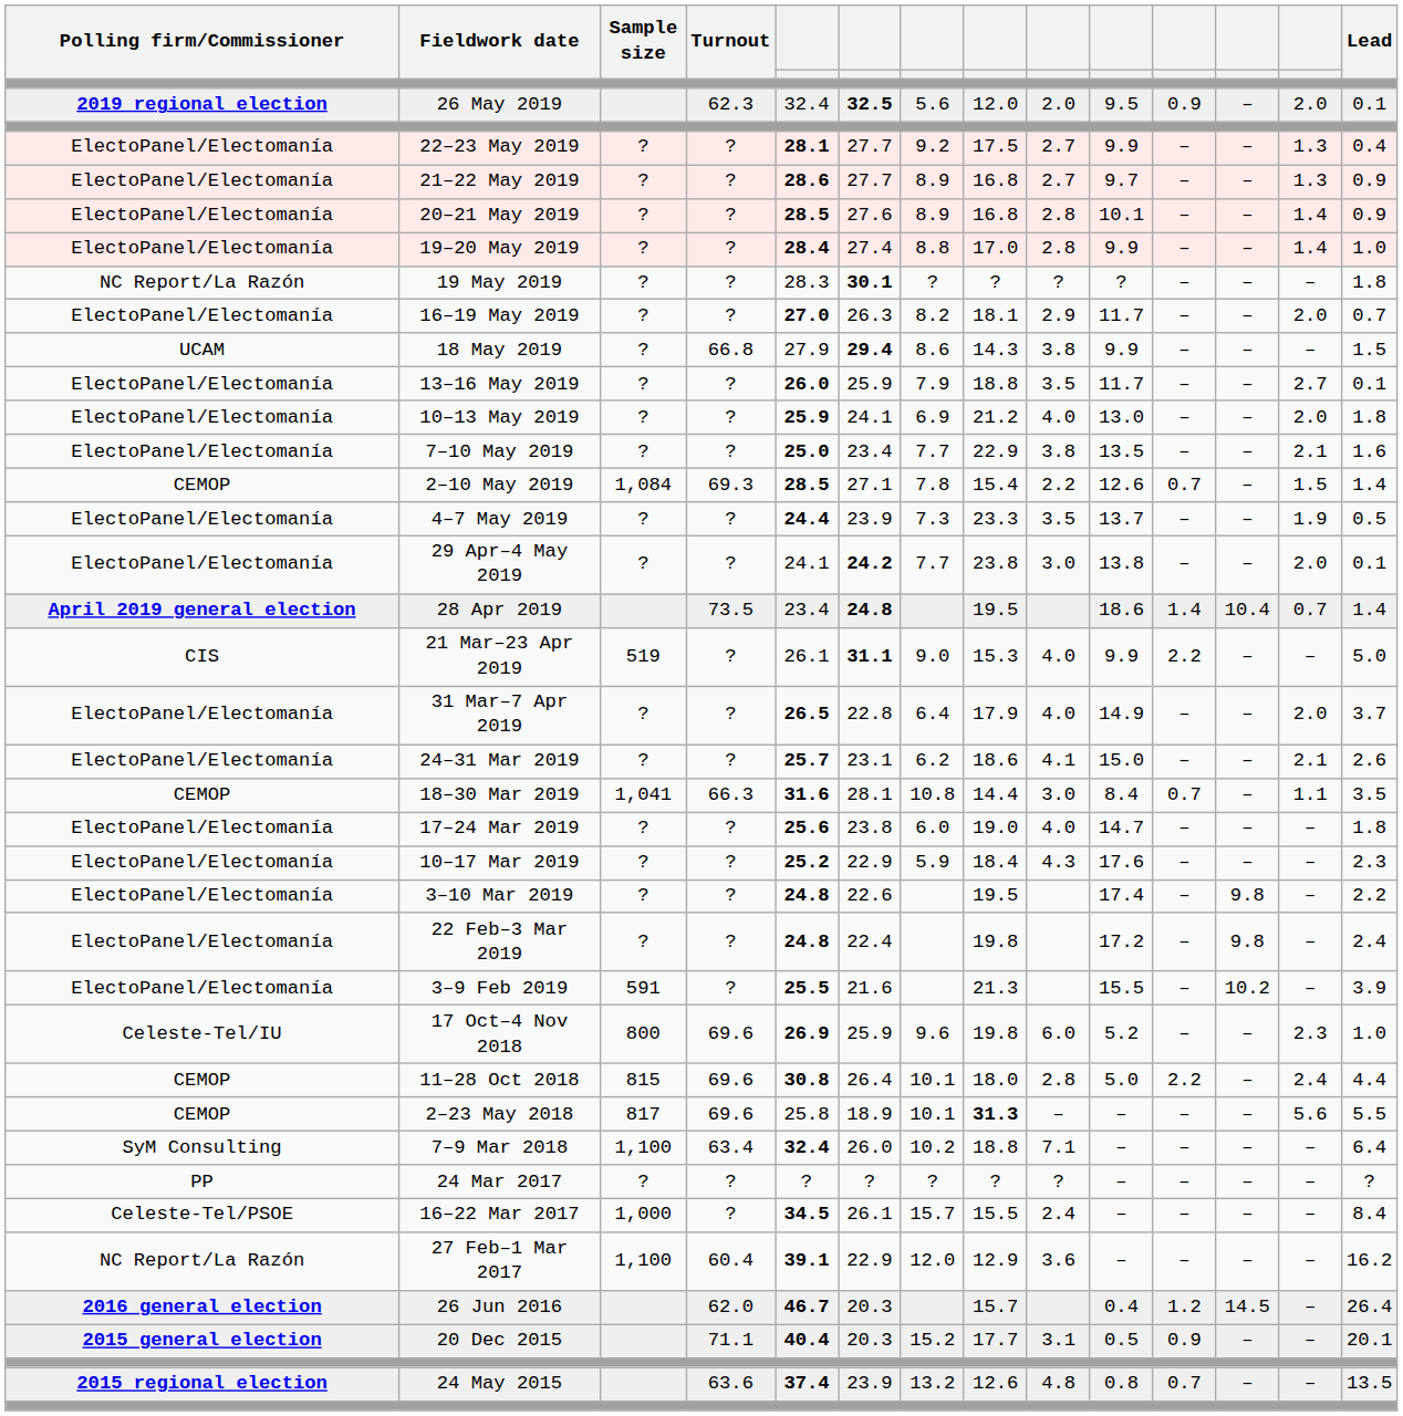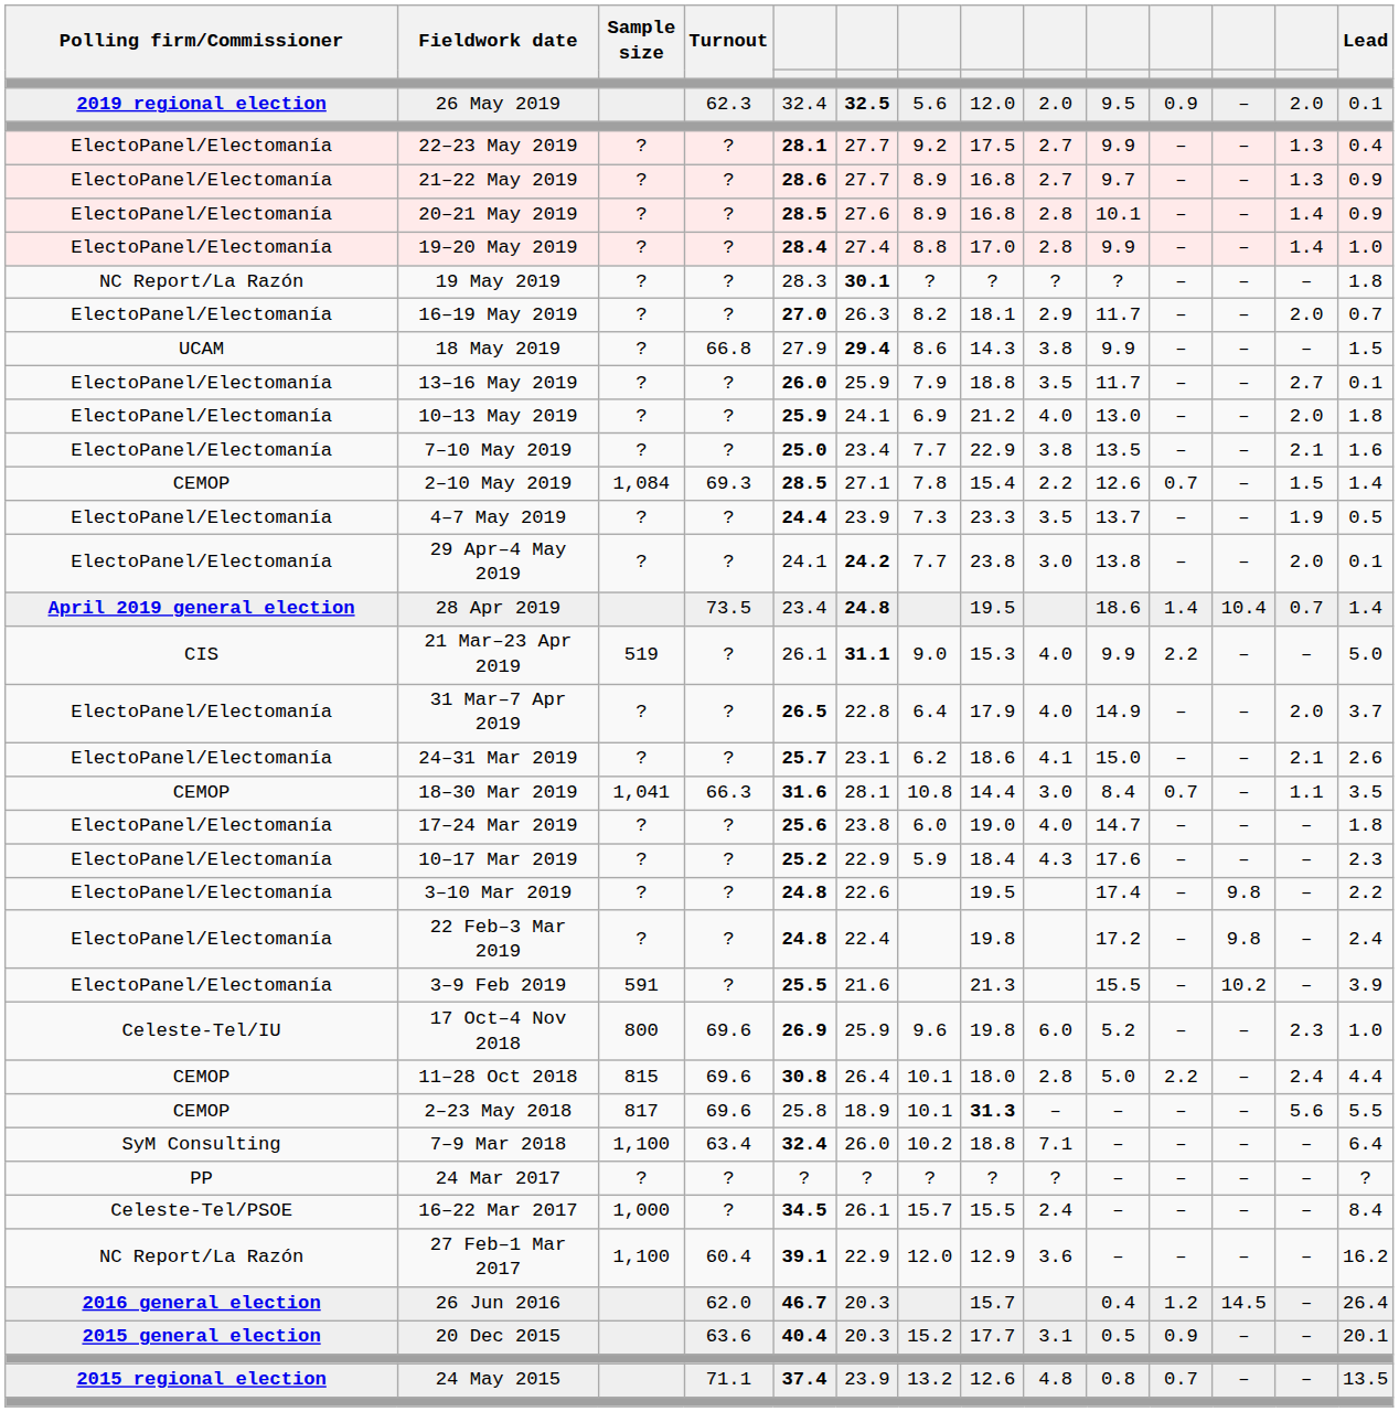 <table class="wikitable collapsible collapsed" style="text-align:center; font-size:95%; line-height:16px;">
 <tr style="height:42px;">
 <th style="width:250px;" rowspan="2">Polling firm/Commissioner</th>
 <th style="width:125px;" rowspan="2">Fieldwork date</th>
 <th style="width:50px;" rowspan="2">Sample size</th>
 <th style="width:45px;" rowspan="2">Turnout</th>
 <th style="width:35px;"></th>
 <th style="width:35px;"></th>
 <th style="width:35px;"></th>
 <th style="width:35px;"></th>
 <th style="width:35px;"></th>
 <th style="width:35px;"></th>
 <th style="width:35px;"></th>
 <th style="width:35px;"></th>
 <th style="width:35px;"></th>
 <th style="width:30px;" rowspan="2">Lead</th>
 </tr>
 <tr>
 <th style="color:inherit;background:"></th>
 <th style="color:inherit;background:"></th>
 <th style="color:inherit;background:"></th>
 <th style="color:inherit;background:"></th>
 <th style="color:inherit;background:"></th>
 <th style="color:inherit;background:"></th>
 <th style="color:inherit;background:"></th>
 <th style="color:inherit;background:"></th>
 <th style="color:inherit;background:"></th>
 </tr>
 <tr>
 <td colspan="14" style="background:#A0A0A0"></td>
 </tr>
 <tr style="background:#EFEFEF;">
 <td><strong><a href='#'>2019 regional election</a></strong></td>
 <td>26 May 2019</td>
 <td></td>
 <td>62.3</td>
 <td>32.4<br></td>
 <td><strong>32.5</strong><br></td>
 <td>5.6<br></td>
 <td>12.0<br></td>
 <td>2.0<br></td>
 <td>9.5<br></td>
 <td>0.9<br></td>
 <td>–</td>
 <td>2.0<br></td>
 <td style="background:">0.1</td>
 </tr>
 <tr>
 <td colspan="14" style="background:#A0A0A0"></td>
 </tr>
 <tr style="background:#FFEAEA;">
 <td>ElectoPanel/Electomanía</td>
 <td>22–23 May 2019</td>
 <td>?</td>
 <td>?</td>
 <td><strong>28.1</strong><br></td>
 <td>27.7<br></td>
 <td>9.2<br></td>
 <td>17.5<br></td>
 <td>2.7<br></td>
 <td>9.9<br></td>
 <td>–</td>
 <td>–</td>
 <td>1.3<br></td>
 <td style="background:">0.4</td>
 </tr>
 <tr style="background:#FFEAEA;">
 <td>ElectoPanel/Electomanía</td>
 <td>21–22 May 2019</td>
 <td>?</td>
 <td>?</td>
 <td><strong>28.6</strong><br></td>
 <td>27.7<br></td>
 <td>8.9<br></td>
 <td>16.8<br></td>
 <td>2.7<br></td>
 <td>9.7<br></td>
 <td>–</td>
 <td>–</td>
 <td>1.3<br></td>
 <td style="background:">0.9</td>
 </tr>
 <tr style="background:#FFEAEA;">
 <td>ElectoPanel/Electomanía</td>
 <td>20–21 May 2019</td>
 <td>?</td>
 <td>?</td>
 <td><strong>28.5</strong><br></td>
 <td>27.6<br></td>
 <td>8.9<br></td>
 <td>16.8<br></td>
 <td>2.8<br></td>
 <td>10.1<br></td>
 <td>–</td>
 <td>–</td>
 <td>1.4<br></td>
 <td style="background:">0.9</td>
 </tr>
 <tr style="background:#FFEAEA;">
 <td>ElectoPanel/Electomanía</td>
 <td>19–20 May 2019</td>
 <td>?</td>
 <td>?</td>
 <td><strong>28.4</strong><br></td>
 <td>27.4<br></td>
 <td>8.8<br></td>
 <td>17.0<br></td>
 <td>2.8<br></td>
 <td>9.9<br></td>
 <td>–</td>
 <td>–</td>
 <td>1.4<br></td>
 <td style="background:">1.0</td>
 </tr>
 <tr>
 <td>NC Report/La Razón</td>
 <td>19 May 2019</td>
 <td>?</td>
 <td>?</td>
 <td>28.3<br></td>
 <td><strong>30.1</strong><br></td>
 <td>?<br></td>
 <td>?<br></td>
 <td>?<br></td>
 <td>?<br></td>
 <td>–</td>
 <td>–</td>
 <td>–</td>
 <td style="background:">1.8</td>
 </tr>
 <tr>
 <td>ElectoPanel/Electomanía</td>
 <td>16–19 May 2019</td>
 <td>?</td>
 <td>?</td>
 <td><strong>27.0</strong><br></td>
 <td>26.3<br></td>
 <td>8.2<br></td>
 <td>18.1<br></td>
 <td>2.9<br></td>
 <td>11.7<br></td>
 <td>–</td>
 <td>–</td>
 <td>2.0<br></td>
 <td style="background:">0.7</td>
 </tr>
 <tr>
 <td>UCAM</td>
 <td>18 May 2019</td>
 <td>?</td>
 <td>66.8</td>
 <td>27.9<br></td>
 <td><strong>29.4</strong><br></td>
 <td>8.6<br></td>
 <td>14.3<br></td>
 <td>3.8<br></td>
 <td>9.9<br></td>
 <td>–</td>
 <td>–</td>
 <td>–</td>
 <td style="background:">1.5</td>
 </tr>
 <tr>
 <td>ElectoPanel/Electomanía</td>
 <td>13–16 May 2019</td>
 <td>?</td>
 <td>?</td>
 <td><strong>26.0</strong><br></td>
 <td>25.9<br></td>
 <td>7.9<br></td>
 <td>18.8<br></td>
 <td>3.5<br></td>
 <td>11.7<br></td>
 <td>–</td>
 <td>–</td>
 <td>2.7<br></td>
 <td style="background:">0.1</td>
 </tr>
 <tr>
 <td>ElectoPanel/Electomanía</td>
 <td>10–13 May 2019</td>
 <td>?</td>
 <td>?</td>
 <td><strong>25.9</strong><br></td>
 <td>24.1<br></td>
 <td>6.9<br></td>
 <td>21.2<br></td>
 <td>4.0<br></td>
 <td>13.0<br></td>
 <td>–</td>
 <td>–</td>
 <td>2.0<br></td>
 <td style="background:">1.8</td>
 </tr>
 <tr>
 <td>ElectoPanel/Electomanía</td>
 <td>7–10 May 2019</td>
 <td>?</td>
 <td>?</td>
 <td><strong>25.0</strong><br></td>
 <td>23.4<br></td>
 <td>7.7<br></td>
 <td>22.9<br></td>
 <td>3.8<br></td>
 <td>13.5<br></td>
 <td>–</td>
 <td>–</td>
 <td>2.1<br></td>
 <td style="background:">1.6</td>
 </tr>
 <tr>
 <td>CEMOP</td>
 <td>2–10 May 2019</td>
 <td>1,084</td>
 <td>69.3</td>
 <td><strong>28.5</strong><br></td>
 <td>27.1<br></td>
 <td>7.8<br></td>
 <td>15.4<br></td>
 <td>2.2<br></td>
 <td>12.6<br></td>
 <td>0.7<br></td>
 <td>–</td>
 <td>1.5<br></td>
 <td style="background:">1.4</td>
 </tr>
 <tr>
 <td>ElectoPanel/Electomanía</td>
 <td>4–7 May 2019</td>
 <td>?</td>
 <td>?</td>
 <td><strong>24.4</strong><br></td>
 <td>23.9<br></td>
 <td>7.3<br></td>
 <td>23.3<br></td>
 <td>3.5<br></td>
 <td>13.7<br></td>
 <td>–</td>
 <td>–</td>
 <td>1.9<br></td>
 <td style="background:">0.5</td>
 </tr>
 <tr>
 <td>ElectoPanel/Electomanía</td>
 <td>29 Apr–4 May 2019</td>
 <td>?</td>
 <td>?</td>
 <td>24.1<br></td>
 <td><strong>24.2</strong><br></td>
 <td>7.7<br></td>
 <td>23.8<br></td>
 <td>3.0<br></td>
 <td>13.8<br></td>
 <td>–</td>
 <td>–</td>
 <td>2.0<br></td>
 <td style="background:">0.1</td>
 </tr>
 <tr style="background:#EFEFEF;">
 <td><strong><a href='#'>April 2019 general election</a></strong></td>
 <td>28 Apr 2019</td>
 <td></td>
 <td>73.5</td>
 <td>23.4<br></td>
 <td><strong>24.8</strong><br></td>
 <td></td>
 <td>19.5<br></td>
 <td></td>
 <td>18.6<br></td>
 <td>1.4<br></td>
 <td>10.4<br></td>
 <td>0.7<br></td>
 <td style="background:">1.4</td>
 </tr>
 <tr>
 <td>CIS</td>
 <td>21 Mar–23 Apr 2019</td>
 <td>519</td>
 <td>?</td>
 <td>26.1<br></td>
 <td><strong>31.1</strong><br></td>
 <td>9.0<br></td>
 <td>15.3<br></td>
 <td>4.0<br></td>
 <td>9.9<br></td>
 <td>2.2<br></td>
 <td>–</td>
 <td>–</td>
 <td style="background:">5.0</td>
 </tr>
 <tr>
 <td>ElectoPanel/Electomanía</td>
 <td>31 Mar–7 Apr 2019</td>
 <td>?</td>
 <td>?</td>
 <td><strong>26.5</strong><br></td>
 <td>22.8<br></td>
 <td>6.4<br></td>
 <td>17.9<br></td>
 <td>4.0<br></td>
 <td>14.9<br></td>
 <td>–</td>
 <td>–</td>
 <td>2.0<br></td>
 <td style="background:">3.7</td>
 </tr>
 <tr>
 <td>ElectoPanel/Electomanía</td>
 <td>24–31 Mar 2019</td>
 <td>?</td>
 <td>?</td>
 <td><strong>25.7</strong><br></td>
 <td>23.1<br></td>
 <td>6.2<br></td>
 <td>18.6<br></td>
 <td>4.1<br></td>
 <td>15.0<br></td>
 <td>–</td>
 <td>–</td>
 <td>2.1<br></td>
 <td style="background:">2.6</td>
 </tr>
 <tr>
 <td>CEMOP</td>
 <td>18–30 Mar 2019</td>
 <td>1,041</td>
 <td>66.3</td>
 <td><strong>31.6</strong><br></td>
 <td>28.1<br></td>
 <td>10.8<br></td>
 <td>14.4<br></td>
 <td>3.0<br></td>
 <td>8.4<br></td>
 <td>0.7<br></td>
 <td>–</td>
 <td>1.1<br></td>
 <td style="background:">3.5</td>
 </tr>
 <tr>
 <td>ElectoPanel/Electomanía</td>
 <td>17–24 Mar 2019</td>
 <td>?</td>
 <td>?</td>
 <td><strong>25.6</strong><br></td>
 <td>23.8<br></td>
 <td>6.0<br></td>
 <td>19.0<br></td>
 <td>4.0<br></td>
 <td>14.7<br></td>
 <td>–</td>
 <td>–</td>
 <td>–</td>
 <td style="background:">1.8</td>
 </tr>
 <tr>
 <td>ElectoPanel/Electomanía</td>
 <td>10–17 Mar 2019</td>
 <td>?</td>
 <td>?</td>
 <td><strong>25.2</strong><br></td>
 <td>22.9<br></td>
 <td>5.9<br></td>
 <td>18.4<br></td>
 <td>4.3<br></td>
 <td>17.6<br></td>
 <td>–</td>
 <td>–</td>
 <td>–</td>
 <td style="background:">2.3</td>
 </tr>
 <tr>
 <td>ElectoPanel/Electomanía</td>
 <td>3–10 Mar 2019</td>
 <td>?</td>
 <td>?</td>
 <td><strong>24.8</strong><br></td>
 <td>22.6<br></td>
 <td></td>
 <td>19.5<br></td>
 <td></td>
 <td>17.4<br></td>
 <td>–</td>
 <td>9.8<br></td>
 <td>–</td>
 <td style="background:">2.2</td>
 </tr>
 <tr>
 <td>ElectoPanel/Electomanía</td>
 <td>22 Feb–3 Mar 2019</td>
 <td>?</td>
 <td>?</td>
 <td><strong>24.8</strong><br></td>
 <td>22.4<br></td>
 <td></td>
 <td>19.8<br></td>
 <td></td>
 <td>17.2<br></td>
 <td>–</td>
 <td>9.8<br></td>
 <td>–</td>
 <td style="background:">2.4</td>
 </tr>
 <tr>
 <td>ElectoPanel/Electomanía</td>
 <td>3–9 Feb 2019</td>
 <td>591</td>
 <td>?</td>
 <td><strong>25.5</strong><br></td>
 <td>21.6<br></td>
 <td></td>
 <td>21.3<br></td>
 <td></td>
 <td>15.5<br></td>
 <td>–</td>
 <td>10.2<br></td>
 <td>–</td>
 <td style="background:">3.9</td>
 </tr>
 <tr>
 <td>Celeste-Tel/IU</td>
 <td>17 Oct–4 Nov 2018</td>
 <td>800</td>
 <td>69.6</td>
 <td><strong>26.9</strong><br></td>
 <td>25.9<br></td>
 <td>9.6<br></td>
 <td>19.8<br></td>
 <td>6.0<br></td>
 <td>5.2<br></td>
 <td>–</td>
 <td>–</td>
 <td>2.3<br></td>
 <td style="background:">1.0</td>
 </tr>
 <tr>
 <td>CEMOP</td>
 <td>11–28 Oct 2018</td>
 <td>815</td>
 <td>69.6</td>
 <td><strong>30.8</strong><br></td>
 <td>26.4<br></td>
 <td>10.1<br></td>
 <td>18.0<br></td>
 <td>2.8<br></td>
 <td>5.0<br></td>
 <td>2.2<br></td>
 <td>–</td>
 <td>2.4<br></td>
 <td style="background:">4.4</td>
 </tr>
 <tr>
 <td>CEMOP</td>
 <td>2–23 May 2018</td>
 <td>817</td>
 <td>69.6</td>
 <td>25.8<br></td>
 <td>18.9<br></td>
 <td>10.1<br></td>
 <td><strong>31.3</strong><br></td>
 <td>–</td>
 <td>–</td>
 <td>–</td>
 <td>–</td>
 <td>5.6<br></td>
 <td style="background:">5.5</td>
 </tr>
 <tr>
 <td>SyM Consulting</td>
 <td>7–9 Mar 2018</td>
 <td>1,100</td>
 <td>63.4</td>
 <td><strong>32.4</strong><br></td>
 <td>26.0<br></td>
 <td>10.2<br></td>
 <td>18.8<br></td>
 <td>7.1<br></td>
 <td>–</td>
 <td>–</td>
 <td>–</td>
 <td>–</td>
 <td style="background:">6.4</td>
 </tr>
 <tr>
 <td>PP</td>
 <td>24 Mar 2017</td>
 <td>?</td>
 <td>?</td>
 <td>?<br></td>
 <td>?<br></td>
 <td>?<br></td>
 <td>?<br></td>
 <td>?<br></td>
 <td>–</td>
 <td>–</td>
 <td>–</td>
 <td>–</td>
 <td style="background:">?</td>
 </tr>
 <tr>
 <td>Celeste-Tel/PSOE</td>
 <td>16–22 Mar 2017</td>
 <td>1,000</td>
 <td>?</td>
 <td><strong>34.5</strong><br></td>
 <td>26.1<br></td>
 <td>15.7<br></td>
 <td>15.5<br></td>
 <td>2.4<br></td>
 <td>–</td>
 <td>–</td>
 <td>–</td>
 <td>–</td>
 <td style="background:">8.4</td>
 </tr>
 <tr>
 <td>NC Report/La Razón</td>
 <td>27 Feb–1 Mar 2017</td>
 <td>1,100</td>
 <td>60.4</td>
 <td><strong>39.1</strong><br></td>
 <td>22.9<br></td>
 <td>12.0<br></td>
 <td>12.9<br></td>
 <td>3.6<br></td>
 <td>–</td>
 <td>–</td>
 <td>–</td>
 <td>–</td>
 <td style="background:">16.2</td>
 </tr>
 <tr style="background:#EFEFEF;">
 <td><strong><a href='#'>2016 general election</a></strong></td>
 <td>26 Jun 2016</td>
 <td></td>
 <td>62.0</td>
 <td><strong>46.7</strong><br></td>
 <td>20.3<br></td>
 <td></td>
 <td>15.7<br></td>
 <td></td>
 <td>0.4<br></td>
 <td>1.2<br></td>
 <td>14.5<br></td>
 <td>–</td>
 <td style="background:">26.4</td>
 </tr>
 <tr style="background:#EFEFEF;">
 <td><strong><a href='#'>2015 general election</a></strong></td>
 <td>20 Dec 2015</td>
 <td></td>
-<td>71.1</td>
+<td>63.6</td>
 <td><strong>40.4</strong><br></td>
 <td>20.3<br></td>
 <td>15.2<br></td>
 <td>17.7<br></td>
 <td>3.1<br></td>
 <td>0.5<br></td>
 <td>0.9<br></td>
 <td>–</td>
 <td>–</td>
 <td style="background:">20.1</td>
 </tr>
 <tr>
 <td colspan="14" style="background:#A0A0A0"></td>
 </tr>
 <tr style="background:#EFEFEF;">
 <td><strong><a href='#'>2015 regional election</a></strong></td>
 <td>24 May 2015</td>
 <td></td>
-<td>63.6</td>
+<td>71.1</td>
 <td><strong>37.4</strong><br></td>
 <td>23.9<br></td>
 <td>13.2<br></td>
 <td>12.6<br></td>
 <td>4.8<br></td>
 <td>0.8<br></td>
 <td>0.7<br></td>
 <td>–</td>
 <td>–</td>
 <td style="background:">13.5</td>
 </tr>
 <tr>
 <td colspan="14" style="background:#A0A0A0"></td>
 </tr>
 </table>
